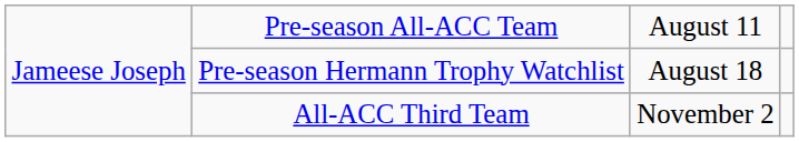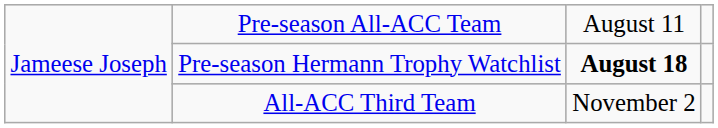 <table class="wikitable sortable" style="text-align: center">
 <tr>
 <td rowspan=3><a href='#'>Jameese Joseph</a></td>
 <td><a href='#'>Pre-season All-ACC Team</a></td>
 <td>August 11</td>
 <td></td>
 </tr>
 <tr>
 <td><a href='#'>Pre-season Hermann Trophy Watchlist</a></td>
-<td>August 18</td>
+<td><strong>August 18</strong></td>
 <td></td>
 </tr>
 <tr>
 <td><a href='#'>All-ACC Third Team</a></td>
 <td>November 2</td>
 <td></td>
 </tr>
 </table>
